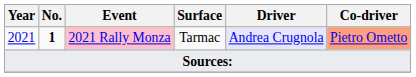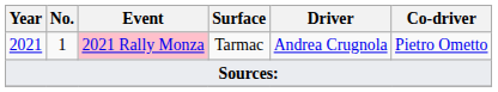 <table class="wikitable" style="font-size: 85%; ">
 <tr>
 <th>Year</th>
 <th>No.</th>
 <th>Event</th>
 <th>Surface</th>
 <th>Driver</th>
 <th>Co-driver</th>
 </tr>
 <tr>
 <td align="center"><a href='#'>2021</a></td>
-<td align="center"><strong>1</strong></td>
+<td align="center">1</td>
 <td style="background: pink;"> <a href='#'>2021 Rally Monza</a></td>
 <td align="center">Tarmac</td>
-<td style="background: lavender;"> <a href='#'>Andrea Crugnola</a></td>
-<td style="background: lightsalmon;"> <a href='#'>Pietro Ometto</a></td>
+<td> <a href='#'>Andrea Crugnola</a></td>
+<td> <a href='#'>Pietro Ometto</a></td>
 </tr>
 <tr>
 <td colspan="6" style="background-color:#EAECF0;text-align:center"><strong>Sources:</strong></td>
 </tr>
 <tr>
 </tr>
 </table>
